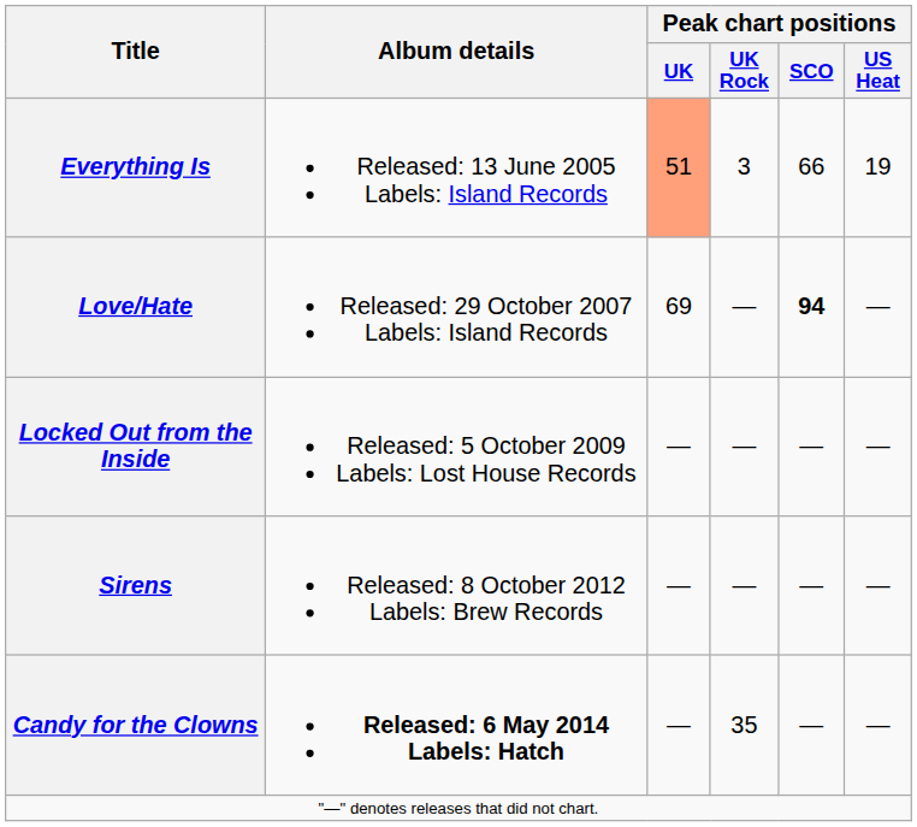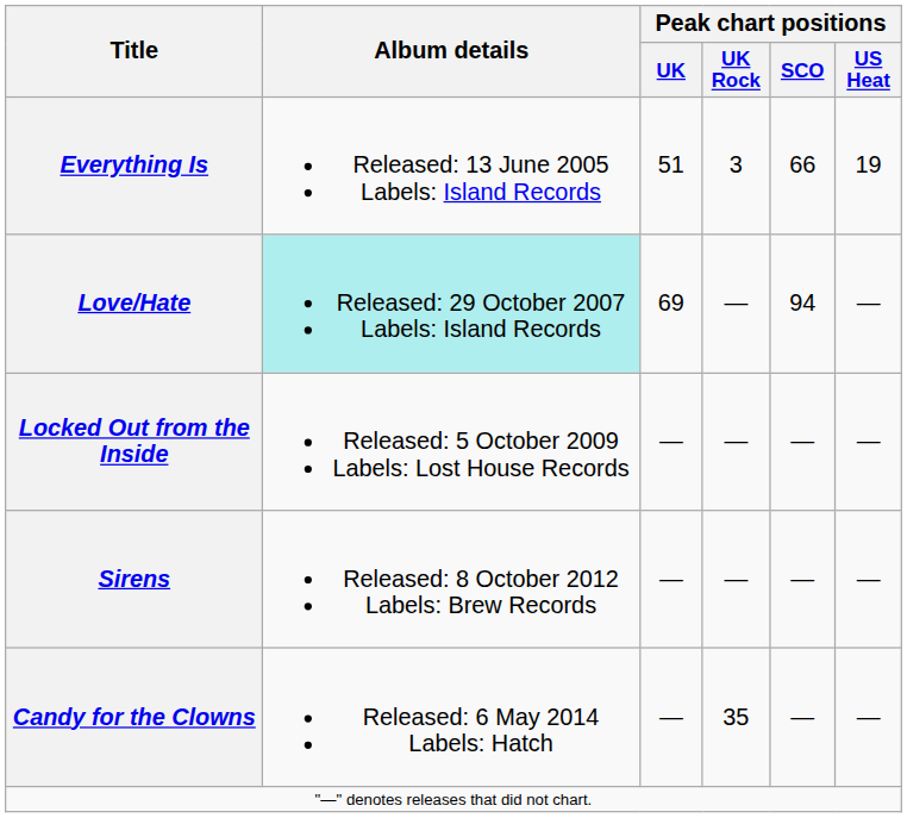 <table class="wikitable plainrowheaders" style="text-align:center;">
 <tr>
 <th scope="col" rowspan="2" style="width:12em;">Title</th>
 <th scope="col" rowspan="2" style="width:18em;">Album details</th>
 <th scope="col" colspan="4">Peak chart positions</th>
 </tr>
 <tr>
 <th scope="col" style="width:3em;font-size:85%;"><a href='#'>UK</a><br></th>
 <th scope="col" style="width:3em;font-size:85%;"><a href='#'>UK<br>Rock</a><br></th>
 <th scope="col" style="width:3em;font-size:85%;"><a href='#'>SCO</a><br></th>
 <th scope="col" style="width:3em;font-size:85%;"><a href='#'>US Heat</a><br></th>
 </tr>
 <tr>
 <th scope="row"><em><a href='#'>Everything Is</a></em></th>
 <td><br><ul><li>Released: 13 June 2005</li><li>Labels: <a href='#'>Island Records</a></li></ul></td>
-<td style="background: lightsalmon;">51</td>
+<td>51</td>
 <td>3</td>
 <td>66</td>
 <td>19</td>
 </tr>
 <tr>
 <th scope="row"><em><a href='#'>Love/Hate</a></em></th>
-<td><br><ul><li>Released: 29 October 2007</li><li>Labels: Island Records</li></ul></td>
+<td style="background: paleturquoise;"><br><ul><li>Released: 29 October 2007</li><li>Labels: Island Records</li></ul></td>
 <td>69</td>
 <td>—</td>
-<td><strong>94</strong></td>
+<td>94</td>
 <td>—</td>
 </tr>
 <tr>
 <th scope="row"><em><a href='#'>Locked Out from the Inside</a></em></th>
 <td><br><ul><li>Released: 5 October 2009</li><li>Labels: Lost House Records</li></ul></td>
 <td>—</td>
 <td>—</td>
 <td>—</td>
 <td>—</td>
 </tr>
 <tr>
 <th scope="row"><em><a href='#'>Sirens</a></em></th>
 <td><br><ul><li>Released: 8 October 2012</li><li>Labels: Brew Records</li></ul></td>
 <td>—</td>
 <td>—</td>
 <td>—</td>
 <td>—</td>
 </tr>
 <tr>
 <th scope="row"><em><a href='#'>Candy for the Clowns</a></em></th>
-<td><strong><br><ul><li>Released: 6 May 2014</li><li>Labels: Hatch</li></ul></strong></td>
+<td><br><ul><li>Released: 6 May 2014</li><li>Labels: Hatch</li></ul></td>
 <td>—</td>
 <td>35</td>
 <td>—</td>
 <td>—</td>
 </tr>
 <tr>
 <td align="center" colspan="10" style="font-size: 8pt">"—" denotes releases that did not chart.</td>
 </tr>
 </table>
